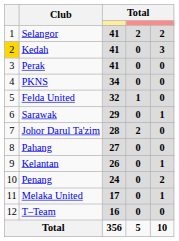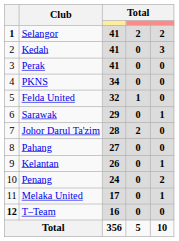 <table class="wikitable" style="text-align:center;">
 <tr style="text-align:center;">
 <th style="width:10px;" rowspan="2"></th>
 <th rowspan="2">Club</th>
 <th colspan="3">Total</th>
 </tr>
 <tr>
 <th style="width:30px; background:#fe9;"></th>
 <th style="width:30px; background:#ff8888;"></th>
 <th style="width:30px; background:#ff8888;"></th>
 </tr>
 <tr>
-<td rowspan="1">1</td>
+<td rowspan="1"><strong>1</strong></td>
 <td align=left><a href='#'>Selangor</a></td>
 <td style="background:#DCDCDC"><strong>41</strong> </td>
 <td style="background:#DCDCDC"><strong>2</strong> </td>
 <td style="background:#DCDCDC"><strong>2</strong> </td>
 </tr>
 <tr>
-<td rowspan="1" style="background: gold;">2</td>
+<td rowspan="1">2</td>
 <td align=left><a href='#'>Kedah</a></td>
 <td style="background:#DCDCDC"><strong>41</strong> </td>
 <td style="background:#DCDCDC"><strong>0</strong> </td>
 <td style="background:#DCDCDC"><strong>3</strong> </td>
 </tr>
 <tr>
 <td rowspan="1">3</td>
 <td align=left><a href='#'>Perak</a></td>
 <td style="background:#DCDCDC"><strong>41</strong> </td>
 <td style="background:#DCDCDC"><strong>0</strong> </td>
 <td style="background:#DCDCDC"><strong>0</strong> </td>
 </tr>
 <tr>
 <td rowspan="1">4</td>
 <td align=left><a href='#'>PKNS</a></td>
 <td style="background:#DCDCDC"><strong>34</strong> </td>
 <td style="background:#DCDCDC"><strong>0</strong> </td>
 <td style="background:#DCDCDC"><strong>0</strong> </td>
 </tr>
 <tr>
 <td rowspan="1">5</td>
 <td align=left><a href='#'>Felda United</a></td>
 <td style="background:#DCDCDC"><strong>32</strong> </td>
 <td style="background:#DCDCDC"><strong>1</strong> </td>
 <td style="background:#DCDCDC"><strong>0</strong> </td>
 </tr>
 <tr>
 <td rowspan="1">6</td>
 <td align=left><a href='#'>Sarawak</a></td>
 <td style="background:#DCDCDC"><strong>29</strong> </td>
 <td style="background:#DCDCDC"><strong>0</strong> </td>
 <td style="background:#DCDCDC"><strong>1</strong> </td>
 </tr>
 <tr>
 <td rowspan="1">7</td>
 <td align=left><a href='#'>Johor Darul Ta'zim</a></td>
 <td style="background:#DCDCDC"><strong>28</strong> </td>
 <td style="background:#DCDCDC"><strong>2</strong> </td>
 <td style="background:#DCDCDC"><strong>0</strong> </td>
 </tr>
 <tr>
 <td rowspan="1">8</td>
 <td align=left><a href='#'>Pahang</a></td>
 <td style="background:#DCDCDC"><strong>27</strong> </td>
 <td style="background:#DCDCDC"><strong>0</strong> </td>
 <td style="background:#DCDCDC"><strong>0</strong> </td>
 </tr>
 <tr>
 <td rowspan="1">9</td>
 <td align=left><a href='#'>Kelantan</a></td>
 <td style="background:#DCDCDC"><strong>26</strong> </td>
 <td style="background:#DCDCDC"><strong>0</strong> </td>
 <td style="background:#DCDCDC"><strong>1</strong> </td>
 </tr>
 <tr>
 <td rowspan="1">10</td>
 <td align=left><a href='#'>Penang</a></td>
 <td style="background:#DCDCDC"><strong>24</strong> </td>
 <td style="background:#DCDCDC"><strong>0</strong> </td>
 <td style="background:#DCDCDC"><strong>2</strong> </td>
 </tr>
 <tr>
 <td rowspan="1">11</td>
 <td align=left><a href='#'>Melaka United</a></td>
 <td style="background:#DCDCDC"><strong>17</strong> </td>
 <td style="background:#DCDCDC"><strong>0</strong> </td>
 <td style="background:#DCDCDC"><strong>1</strong> </td>
 </tr>
 <tr>
-<td rowspan="1">12</td>
+<td rowspan="1"><strong>12</strong></td>
 <td align=left><a href='#'>T–Team</a></td>
 <td style="background:#DCDCDC"><strong>16</strong> </td>
 <td style="background:#DCDCDC"><strong>0</strong> </td>
 <td style="background:#DCDCDC"><strong>0</strong> </td>
 </tr>
 <tr>
 <th colspan=2 align=left>Total</th>
 <td><strong>356</strong> </td>
 <td><strong>5</strong> </td>
 <td><strong>10</strong> </td>
 </tr>
 </table>
